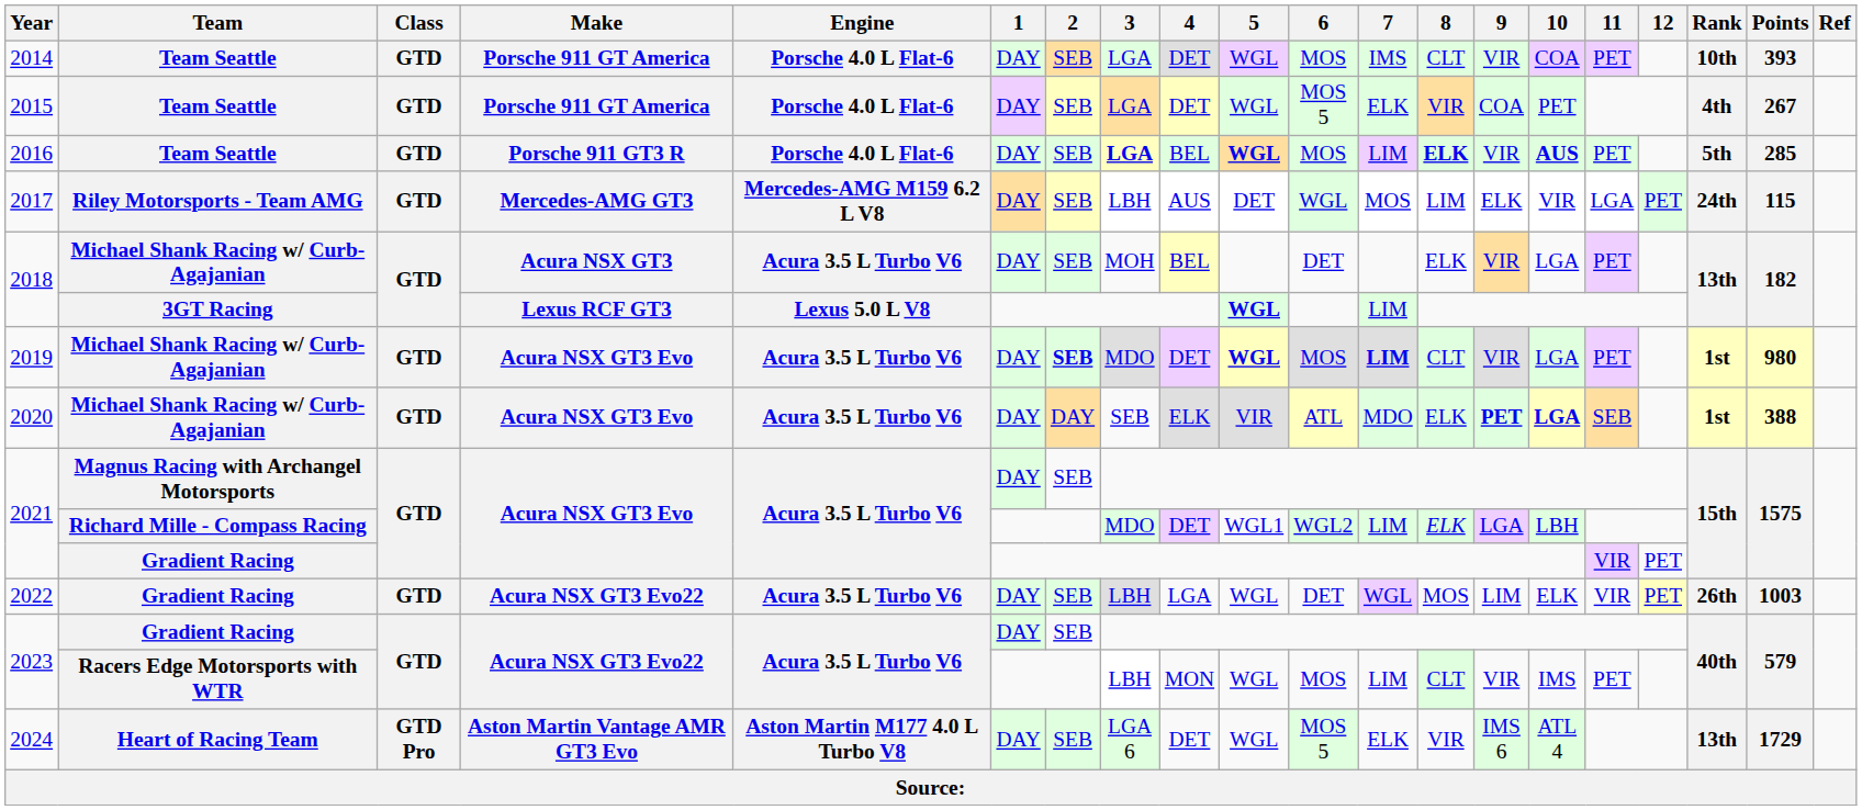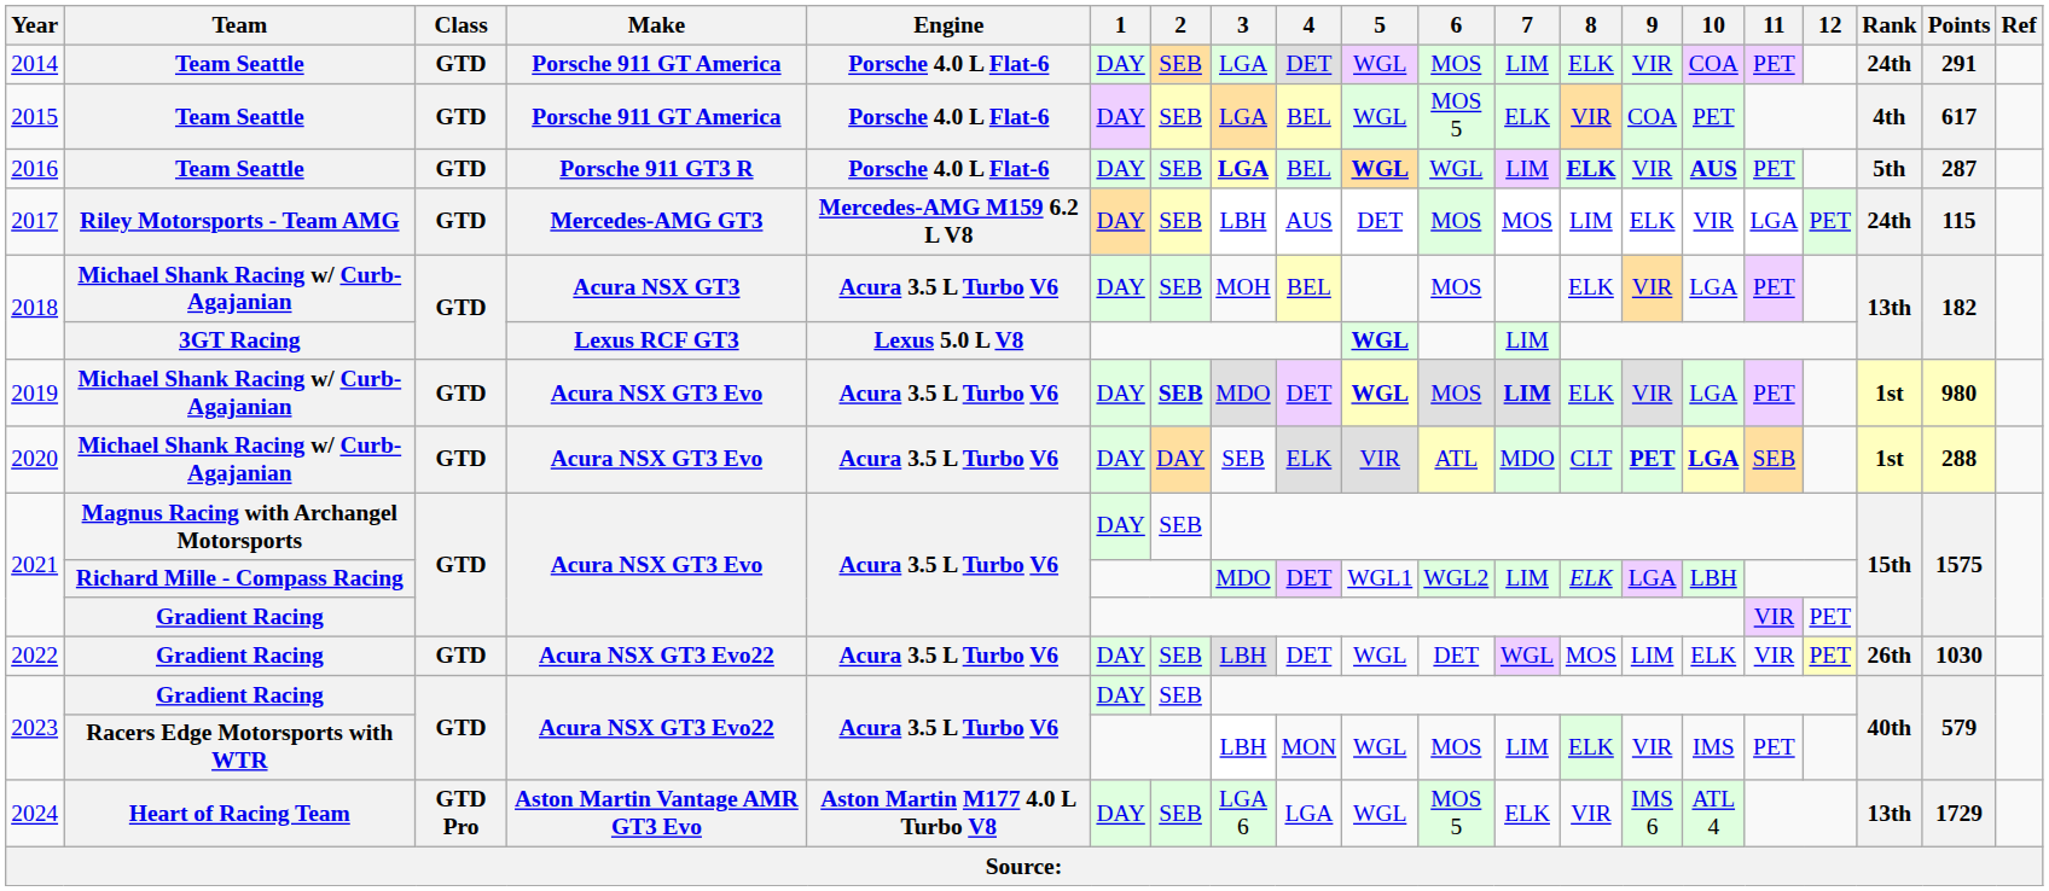 <table class="wikitable" style="text-align:center; font-size:90%">
 <tr>
 <th>Year</th>
 <th>Team</th>
 <th>Class</th>
 <th>Make</th>
 <th>Engine</th>
 <th>1</th>
 <th>2</th>
 <th>3</th>
 <th>4</th>
 <th>5</th>
 <th>6</th>
 <th>7</th>
 <th>8</th>
 <th>9</th>
 <th>10</th>
 <th>11</th>
 <th>12</th>
 <th>Rank</th>
 <th>Points</th>
 <th>Ref</th>
 </tr>
 <tr>
 <td><a href='#'>2014</a></td>
 <th><a href='#'>Team Seattle</a></th>
 <th>GTD</th>
 <th><a href='#'>Porsche 911 GT America</a></th>
 <th><a href='#'>Porsche</a> 4.0 L <a href='#'>Flat-6</a></th>
 <td style="background:#DFFFDF;"><a href='#'>DAY</a><br></td>
 <td style="background:#FFDF9F;"><a href='#'>SEB</a><br></td>
 <td style="background:#DFFFDF;"><a href='#'>LGA</a><br></td>
 <td style="background:#DFDFDF;"><a href='#'>DET</a><br></td>
 <td style="background:#EFCFFF;"><a href='#'>WGL</a><br></td>
 <td style="background:#DFFFDF;"><a href='#'>MOS</a><br></td>
-<td style="background:#DFFFDF;"><a href='#'>IMS</a><br></td>
-<td style="background:#DFFFDF;"><a href='#'>CLT</a><br></td>
+<td style="background:#DFFFDF;"><a href='#'>LIM</a><br></td>
+<td style="background:#DFFFDF;"><a href='#'>ELK</a><br></td>
 <td style="background:#DFFFDF;"><a href='#'>VIR</a><br></td>
 <td style="background:#EFCFFF;"><a href='#'>COA</a><br></td>
 <td style="background:#EFCFFF;"><a href='#'>PET</a><br></td>
 <td></td>
-<th>10th</th>
-<th>393</th>
+<th>24th</th>
+<th>291</th>
 <td></td>
 </tr>
 <tr>
 <td><a href='#'>2015</a></td>
 <th><a href='#'>Team Seattle</a></th>
 <th>GTD</th>
 <th><a href='#'>Porsche 911 GT America</a></th>
 <th><a href='#'>Porsche</a> 4.0 L <a href='#'>Flat-6</a></th>
 <td style="background:#EFCFFF;"><a href='#'>DAY</a><br></td>
 <td style="background:#FFFFBF;"><a href='#'>SEB</a><br></td>
 <td style="background:#FFDF9F;"><a href='#'>LGA</a><br></td>
-<td style="background:#FFFFBF;"><a href='#'>DET</a><br></td>
+<td style="background:#FFFFBF;"><a href='#'>BEL</a><br></td>
 <td style="background:#DFFFDF;"><a href='#'>WGL</a><br></td>
 <td style="background:#dfffdf;”"><a href='#'>MOS</a><br>5</td>
 <td style="background:#DFFFDF;"><a href='#'>ELK</a><br></td>
 <td style="background:#FFDF9F;"><a href='#'>VIR</a><br></td>
 <td style="background:#DFFFDF;"><a href='#'>COA</a><br></td>
 <td style="background:#DFFFDF;"><a href='#'>PET</a><br></td>
 <td colspan="2"></td>
 <th>4th</th>
-<th>267</th>
+<th>617</th>
 <td></td>
 </tr>
 <tr>
 <td><a href='#'>2016</a></td>
 <th><a href='#'>Team Seattle</a></th>
 <th>GTD</th>
 <th><a href='#'>Porsche 911 GT3 R</a></th>
 <th><a href='#'>Porsche</a> 4.0 L <a href='#'>Flat-6</a></th>
 <td style="background:#DFFFDF;"><a href='#'>DAY</a><br></td>
 <td style="background:#DFFFDF;"><a href='#'>SEB</a><br></td>
 <td style="background:#FFFFBF;"><strong><a href='#'>LGA</a></strong><br></td>
 <td style="background:#DFFFDF;"><a href='#'>BEL</a><br></td>
 <td style="background:#FFDF9F;"><strong><a href='#'>WGL</a></strong><br></td>
-<td style="background:#DFFFDF;"><a href='#'>MOS</a><br></td>
+<td style="background:#DFFFDF;"><a href='#'>WGL</a><br></td>
 <td style="background:#EFCFFF;"><a href='#'>LIM</a><br></td>
 <td style="background:#DFFFDF;"><strong><a href='#'>ELK</a></strong><br></td>
 <td style="background:#DFFFDF;"><a href='#'>VIR</a><br></td>
 <td style="background:#DFFFDF;"><strong><a href='#'>AUS</a></strong><br></td>
 <td style="background:#DFFFDF;"><a href='#'>PET</a><br></td>
 <td></td>
 <th>5th</th>
-<th>285</th>
+<th>287</th>
 <td></td>
 </tr>
 <tr>
 <td><a href='#'>2017</a></td>
 <th><a href='#'>Riley Motorsports - Team AMG</a></th>
 <th>GTD</th>
 <th><a href='#'>Mercedes-AMG GT3</a></th>
 <th><a href='#'>Mercedes-AMG M159</a> 6.2 L V8</th>
 <td style="background:#FFDF9F;"><a href='#'>DAY</a><br></td>
 <td style="background:#FFFFBF;"><a href='#'>SEB</a><br></td>
 <td style="background:#FFFFFF;"><a href='#'>LBH</a></td>
 <td style="background:#FFFFFF;"><a href='#'>AUS</a></td>
 <td style="background:#FFFFFF;"><a href='#'>DET</a></td>
-<td style="background:#DFFFDF;"><a href='#'>WGL</a><br></td>
+<td style="background:#DFFFDF;"><a href='#'>MOS</a><br></td>
 <td style="background:#FFFFFF;"><a href='#'>MOS</a></td>
 <td style="background:#FFFFFF;"><a href='#'>LIM</a></td>
 <td style="background:#FFFFFF;"><a href='#'>ELK</a></td>
 <td style="background:#FFFFFF;"><a href='#'>VIR</a></td>
 <td style="background:#FFFFFF;"><a href='#'>LGA</a></td>
 <td style="background:#DFFFDF;"><a href='#'>PET</a><br></td>
 <th>24th</th>
 <th>115</th>
 <td></td>
 </tr>
 <tr>
 <td rowspan=2><a href='#'>2018</a></td>
 <th><a href='#'>Michael Shank Racing</a> w/ <a href='#'>Curb-Agajanian</a></th>
 <th rowspan=2>GTD</th>
 <th><a href='#'>Acura NSX GT3</a></th>
 <th><a href='#'>Acura</a> 3.5 L <a href='#'>Turbo</a> <a href='#'>V6</a></th>
 <td style="background:#DFFFDF;"><a href='#'>DAY</a><br></td>
 <td style="background:#DFFFDF;"><a href='#'>SEB</a><br></td>
 <td><a href='#'>MOH</a></td>
 <td style="background:#FFFFBF;"><a href='#'>BEL</a><br></td>
 <td></td>
-<td><a href='#'>DET</a><br></td>
+<td><a href='#'>MOS</a></td>
 <td></td>
 <td><a href='#'>ELK</a></td>
 <td style="background:#FFDF9F;"><a href='#'>VIR</a><br></td>
 <td><a href='#'>LGA</a></td>
 <td style="background:#EFCFFF;"><a href='#'>PET</a><br></td>
 <td></td>
 <th rowspan=2>13th</th>
 <th rowspan=2>182</th>
 <td rowspan="2"></td>
 </tr>
 <tr>
 <th><a href='#'>3GT Racing</a></th>
 <th><a href='#'>Lexus RCF GT3</a></th>
 <th><a href='#'>Lexus</a> 5.0 L <a href='#'>V8</a></th>
 <td colspan="4"></td>
 <td style="background:#DFFFDF;"><strong><a href='#'>WGL</a></strong><br></td>
 <td></td>
 <td style="background:#DFFFDF;"><a href='#'>LIM</a><br></td>
 <td colspan="5"></td>
 </tr>
 <tr>
 <td><a href='#'>2019</a></td>
 <th><a href='#'>Michael Shank Racing</a> w/ <a href='#'>Curb-Agajanian</a></th>
 <th>GTD</th>
 <th><a href='#'>Acura NSX GT3 Evo</a></th>
 <th><a href='#'>Acura</a> 3.5 L <a href='#'>Turbo</a> <a href='#'>V6</a></th>
 <td style="background:#DFFFDF;"><a href='#'>DAY</a><br></td>
 <td style="background:#DFFFDF;"><strong><a href='#'>SEB</a></strong><br></td>
 <td style="background:#DFDFDF;"><a href='#'>MDO</a><br></td>
 <td style="background:#EFCFFF;"><a href='#'>DET</a><br></td>
 <td style="background:#FFFFBF;"><strong><a href='#'>WGL</a></strong><br></td>
 <td style="background:#DFDFDF;"><a href='#'>MOS</a><br></td>
 <td style="background:#DFDFDF;"><strong><a href='#'>LIM</a></strong><br></td>
-<td style="background:#DFFFDF;"><a href='#'>CLT</a><br></td>
+<td style="background:#DFFFDF;"><a href='#'>ELK</a><br></td>
 <td style="background:#DFDFDF;"><a href='#'>VIR</a><br></td>
 <td style="background:#DFFFDF;"><a href='#'>LGA</a><br></td>
 <td style="background:#EFCFFF;"><a href='#'>PET</a><br></td>
 <td></td>
 <th style="background:#FFFFBF;">1st</th>
 <th style="background:#FFFFBF;">980</th>
 <td></td>
 </tr>
 <tr>
 <td><a href='#'>2020</a></td>
 <th><a href='#'>Michael Shank Racing</a> w/ <a href='#'>Curb-Agajanian</a></th>
 <th>GTD</th>
 <th><a href='#'>Acura NSX GT3 Evo</a></th>
 <th><a href='#'>Acura</a> 3.5 L <a href='#'>Turbo</a> <a href='#'>V6</a></th>
 <td style="background:#DFFFDF;"><a href='#'>DAY</a><br></td>
 <td style="background:#FFDF9F;"><a href='#'>DAY</a><br></td>
 <td><a href='#'>SEB</a></td>
 <td style="background:#DFDFDF;"><a href='#'>ELK</a><br></td>
 <td style="background:#DFDFDF;"><a href='#'>VIR</a><br></td>
 <td style="background:#FFFFBF;"><a href='#'>ATL</a><br></td>
 <td style="background:#DFFFDF;"><a href='#'>MDO</a><br></td>
-<td style="background:#DFFFDF;"><a href='#'>ELK</a><br></td>
+<td style="background:#DFFFDF;"><a href='#'>CLT</a><br></td>
 <td style="background:#DFFFDF;"><strong><a href='#'>PET</a></strong><br></td>
 <td style="background:#FFFFBF;"><strong><a href='#'>LGA</a></strong><br></td>
 <td style="background:#FFDF9F;"><a href='#'>SEB</a><br></td>
 <td></td>
 <th style="background:#FFFFBF;">1st</th>
-<th style="background:#FFFFBF;">388</th>
+<th style="background:#FFFFBF;">288</th>
 <td></td>
 </tr>
 <tr>
 <td rowspan=3><a href='#'>2021</a></td>
 <th><a href='#'>Magnus Racing</a> with Archangel Motorsports</th>
 <th rowspan=3>GTD</th>
 <th rowspan=3><a href='#'>Acura NSX GT3 Evo</a></th>
 <th rowspan=3><a href='#'>Acura</a> 3.5 L <a href='#'>Turbo</a> <a href='#'>V6</a></th>
 <td style="background:#DFFFDF;"><a href='#'>DAY</a><br></td>
 <td><a href='#'>SEB</a></td>
 <td colspan="10"></td>
 <th rowspan=3>15th</th>
 <th rowspan=3>1575</th>
 <td rowspan="3"></td>
 </tr>
 <tr>
 <th><a href='#'>Richard Mille - Compass Racing</a></th>
 <td colspan="2"></td>
 <td style="background:#DFFFDF;"><a href='#'>MDO</a><br></td>
 <td style="background:#EFCFFF;"><a href='#'>DET</a><br></td>
 <td><a href='#'>WGL1</a></td>
 <td style="background:#DFFFDF;"><a href='#'>WGL2</a><br></td>
 <td style="background:#DFFFDF;"><a href='#'>LIM</a><br></td>
 <td style="background:#DFFFDF;"><em><a href='#'>ELK</a></em><br></td>
 <td style="background:#EFCFFF;"><a href='#'>LGA</a><br></td>
 <td style="background:#DFFFDF;"><a href='#'>LBH</a><br></td>
 <td colspan="2"></td>
 </tr>
 <tr>
 <th><a href='#'>Gradient Racing</a></th>
 <td colspan="10"></td>
 <td style="background:#EFCFFF;"><a href='#'>VIR</a><br></td>
 <td><a href='#'>PET</a></td>
 </tr>
 <tr>
 <td><a href='#'>2022</a></td>
 <th><a href='#'>Gradient Racing</a></th>
 <th>GTD</th>
 <th><a href='#'>Acura NSX GT3 Evo22</a></th>
 <th><a href='#'>Acura</a> 3.5 L <a href='#'>Turbo</a> <a href='#'>V6</a></th>
 <td style="background:#DFFFDF;"><a href='#'>DAY</a><br></td>
 <td style="background:#DFFFDF;"><a href='#'>SEB</a><br></td>
 <td style="background:#DFDFDF;"><a href='#'>LBH</a><br></td>
-<td><a href='#'>LGA</a></td>
+<td><a href='#'>DET</a><br></td>
 <td><a href='#'>WGL</a><br></td>
 <td><a href='#'>DET</a><br></td>
 <td style="background:#EFCFFF;"><a href='#'>WGL</a><br></td>
 <td style="background:"><a href='#'>MOS</a><br></td>
 <td style="background:"><a href='#'>LIM</a><br></td>
 <td style="background:"><a href='#'>ELK</a><br></td>
 <td style="background:"><a href='#'>VIR</a><br></td>
 <td style="background:#FFFFBF;"><a href='#'>PET</a><br></td>
 <th>26th</th>
-<th>1003</th>
+<th>1030</th>
 <td></td>
 </tr>
 <tr>
 <td rowspan=2><a href='#'>2023</a></td>
 <th><a href='#'>Gradient Racing</a></th>
 <th rowspan=2>GTD</th>
 <th rowspan=2><a href='#'>Acura NSX GT3 Evo22</a></th>
 <th rowspan=2><a href='#'>Acura</a> 3.5 L <a href='#'>Turbo</a> <a href='#'>V6</a></th>
 <td style="background:#DFFFDF;"><a href='#'>DAY</a><br></td>
 <td style="background:#;"><a href='#'>SEB</a><br></td>
 <td colspan="10" style="background:#;"></td>
 <th rowspan=2>40th</th>
 <th rowspan=2>579</th>
 <td rowspan="2"></td>
 </tr>
 <tr>
 <th>Racers Edge Motorsports with <a href='#'>WTR</a></th>
 <td colspan="2" style="background:#;”"></td>
 <td style="background:#ffffff;”"><a href='#'>LBH</a><br></td>
 <td style="background:#;”"><a href='#'>MON</a><br></td>
 <td style="background:#;”"><a href='#'>WGL</a><br></td>
 <td style="background:#;”"><a href='#'>MOS</a><br></td>
 <td style="background:#;”"><a href='#'>LIM</a><br></td>
-<td style="background:#DFFFDF;"><a href='#'>CLT</a><br></td>
+<td style="background:#DFFFDF;"><a href='#'>ELK</a><br></td>
 <td style="background:#;”"><a href='#'>VIR</a><br></td>
 <td style="background:#;”"><a href='#'>IMS</a><br></td>
 <td style="background:#;”"><a href='#'>PET</a><br></td>
 </tr>
 <tr>
 <td><a href='#'>2024</a></td>
 <th><a href='#'>Heart of Racing Team</a></th>
 <th>GTD Pro</th>
 <th><a href='#'>Aston Martin Vantage AMR GT3 Evo</a></th>
 <th><a href='#'>Aston Martin</a> <a href='#'>M177</a> 4.0 L Turbo <a href='#'>V8</a></th>
 <td style="background:#dfffdf;”"><a href='#'>DAY</a><br></td>
 <td style="background:#dfffdf;”"><a href='#'>SEB</a><br></td>
 <td style="background:#dfffdf;”"><a href='#'>LGA</a><br>6</td>
-<td><a href='#'>DET</a><br></td>
+<td><a href='#'>LGA</a></td>
 <td><a href='#'>WGL</a><br></td>
 <td style="background:#dfffdf;”"><a href='#'>MOS</a><br>5</td>
 <td><a href='#'>ELK</a><br></td>
 <td><a href='#'>VIR</a><br></td>
 <td style="background:#dfffdf;”"><a href='#'>IMS</a><br>6</td>
 <td style="background:#dfffdf;”"><a href='#'>ATL</a><br>4</td>
 <td colspan="2"></td>
 <th>13th</th>
 <th>1729</th>
 <td></td>
 </tr>
 <tr>
 <th colspan="20">Source:</th>
 </tr>
 </table>
